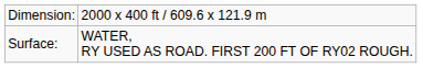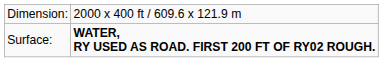 <table class="wikitable">
 <tr>
 <td>Dimension:</td>
 <td>2000 x 400 ft / 609.6 x 121.9 m</td>
 </tr>
 <tr>
 <td>Surface:</td>
-<td>WATER,<br>RY USED AS ROAD. FIRST 200 FT OF RY02 ROUGH.</td>
+<td><strong>WATER,<br>RY USED AS ROAD. FIRST 200 FT OF RY02 ROUGH.</strong></td>
 </tr>
 </table>
